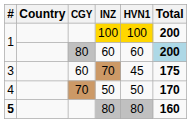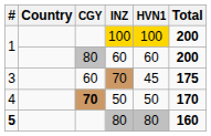 <table class="wikitable" style="text-align:center;">
 <tr>
 <th>#</th>
 <th>Country</th>
 <th><small>CGY</small></th>
 <th><small>INZ</small></th>
 <th><small>HVN1</small></th>
 <th>Total</th>
 </tr>
 <tr>
 <td rowspan=2>1</td>
 <td align=left></td>
 <td></td>
 <td bgcolor=gold>100</td>
 <td bgcolor=gold>100</td>
 <td><strong>200</strong></td>
 </tr>
 <tr>
 <td align=left></td>
 <td bgcolor=silver>80</td>
 <td>60</td>
 <td>60</td>
-<td style="background: lightblue;"><strong>200</strong></td>
+<td><strong>200</strong></td>
 </tr>
 <tr>
 <td>3</td>
 <td align=left></td>
 <td>60</td>
 <td bgcolor=cc9966>70</td>
 <td>45</td>
 <td><strong>175</strong></td>
 </tr>
 <tr>
 <td>4</td>
 <td align=left></td>
-<td bgcolor=cc9966>70</td>
+<td bgcolor=cc9966><strong>70</strong></td>
 <td>50</td>
 <td>50</td>
 <td><strong>170</strong></td>
 </tr>
 <tr>
 <td><strong>5</strong></td>
 <td align=left></td>
 <td></td>
 <td bgcolor=silver>80</td>
 <td bgcolor=silver>80</td>
 <td><strong>160</strong></td>
 </tr>
 </table>
